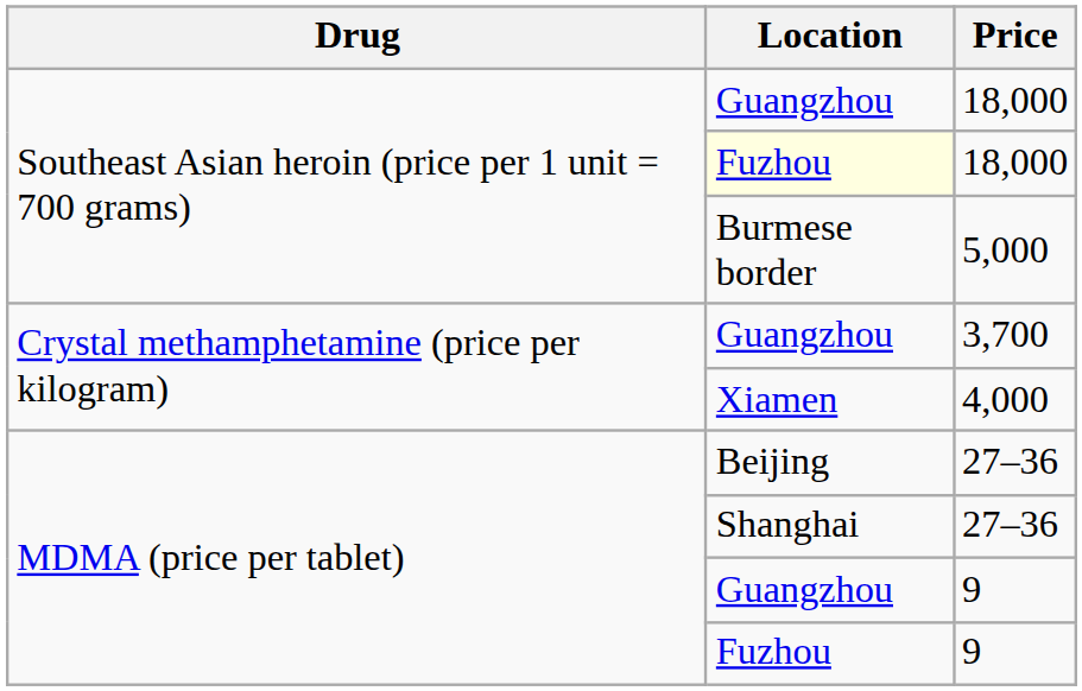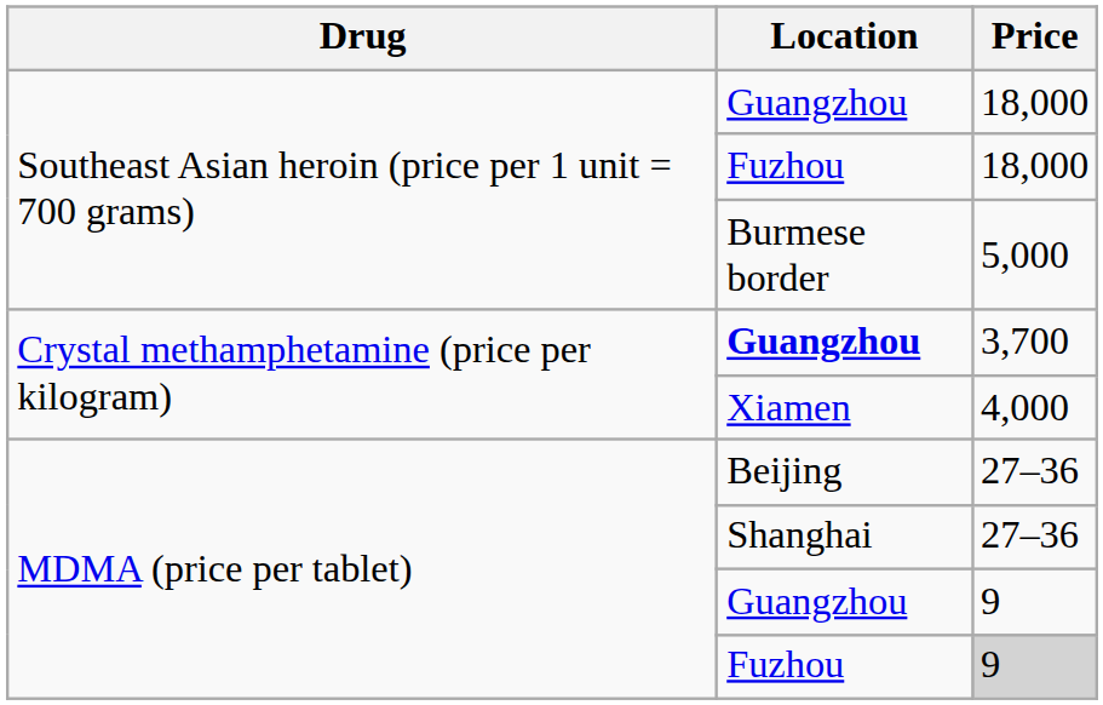 <table class = "wikitable" style = "float:right; font-size:85%; margin-left:15px; width:30%">
 <tr bgcolor="#efefef">
 <th>Drug</th>
 <th>Location</th>
 <th>Price</th>
 </tr>
 <tr>
 <td rowspan="3">Southeast Asian heroin (price per 1 unit = 700 grams)</td>
 <td><a href='#'>Guangzhou</a></td>
 <td>18,000</td>
 </tr>
 <tr>
-<td style="background: lightyellow;"><a href='#'>Fuzhou</a></td>
+<td><a href='#'>Fuzhou</a></td>
 <td>18,000</td>
 </tr>
 <tr>
 <td>Burmese border</td>
 <td>5,000</td>
 </tr>
 <tr>
 <td rowspan="2"><a href='#'>Crystal methamphetamine</a> (price per kilogram)</td>
-<td><a href='#'>Guangzhou</a></td>
+<td><strong><a href='#'>Guangzhou</a></strong></td>
 <td>3,700</td>
 </tr>
 <tr>
 <td><a href='#'>Xiamen</a></td>
 <td>4,000</td>
 </tr>
 <tr>
 <td rowspan="4"><a href='#'>MDMA</a> (price per tablet)</td>
 <td>Beijing</td>
 <td>27–36</td>
 </tr>
 <tr>
 <td>Shanghai</td>
 <td>27–36</td>
 </tr>
 <tr>
 <td><a href='#'>Guangzhou</a></td>
 <td>9</td>
 </tr>
 <tr>
 <td><a href='#'>Fuzhou</a></td>
-<td>9</td>
+<td style="background: lightgrey;">9</td>
 </tr>
 </table>
